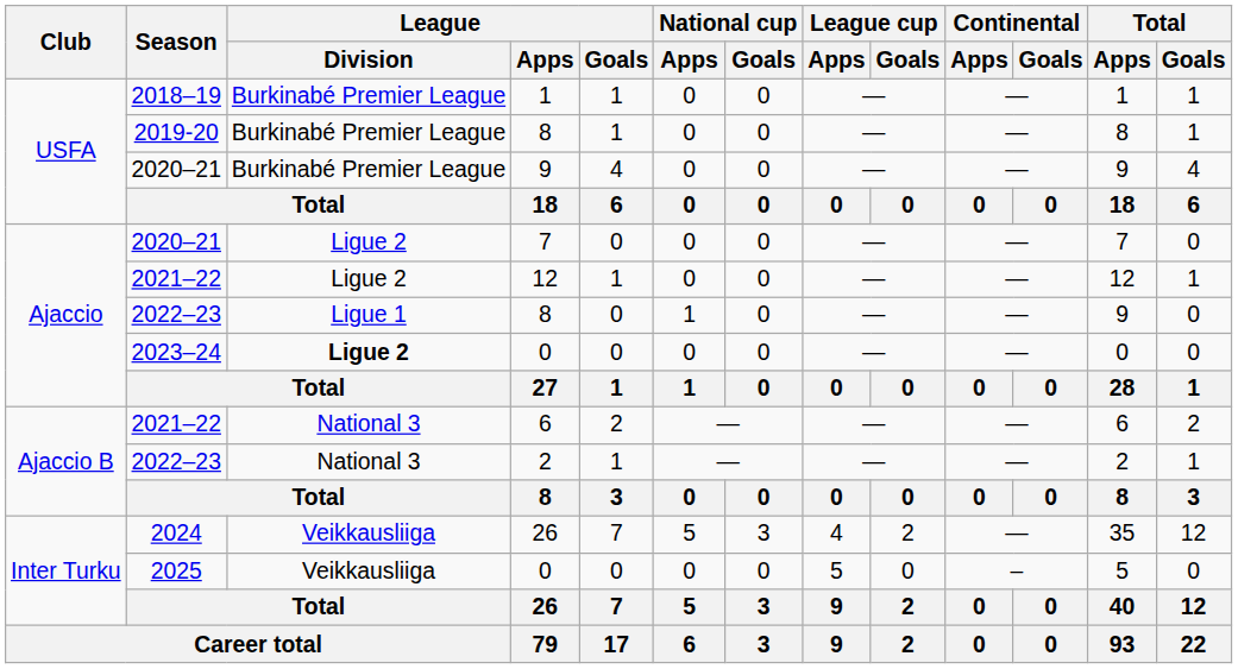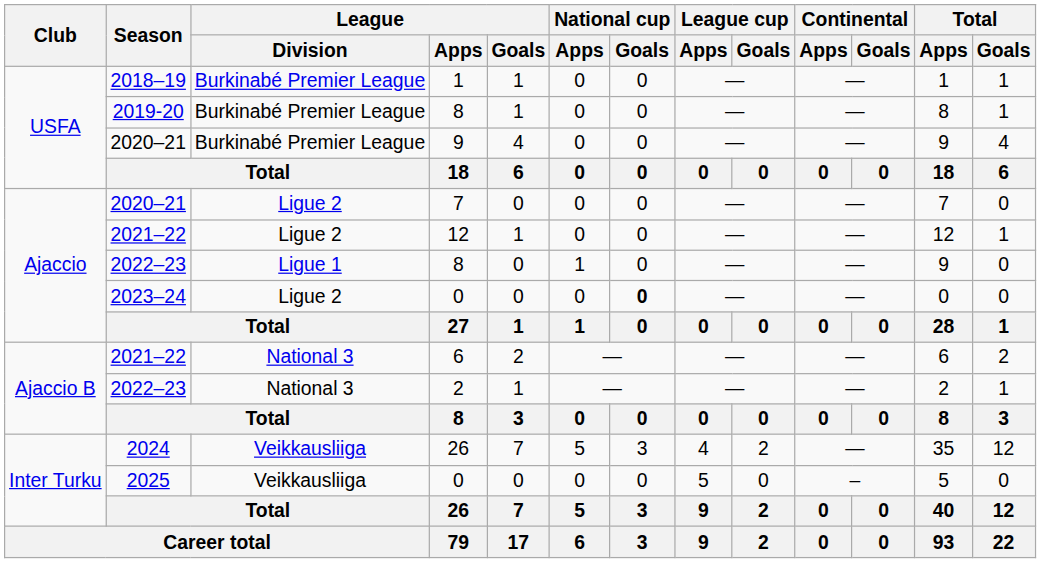 <table class="wikitable" style="text-align:center">
 <tr>
 <th rowspan="2">Club</th>
 <th rowspan="2">Season</th>
 <th colspan="3">League</th>
 <th colspan="2">National cup</th>
 <th colspan="2">League cup</th>
 <th colspan="2">Continental</th>
 <th colspan="2">Total</th>
 </tr>
 <tr>
 <th>Division</th>
 <th>Apps</th>
 <th>Goals</th>
 <th>Apps</th>
 <th>Goals</th>
 <th>Apps</th>
 <th>Goals</th>
 <th>Apps</th>
 <th>Goals</th>
 <th>Apps</th>
 <th>Goals</th>
 </tr>
 <tr>
 <td rowspan="4"><a href='#'>USFA</a></td>
 <td><a href='#'>2018–19</a></td>
 <td><a href='#'>Burkinabé Premier League</a></td>
 <td>1</td>
 <td>1</td>
 <td>0</td>
 <td>0</td>
 <td colspan="2">—</td>
 <td colspan="2">—</td>
 <td>1</td>
 <td>1</td>
 </tr>
 <tr>
 <td><a href='#'>2019-20</a></td>
 <td>Burkinabé Premier League</td>
 <td>8</td>
 <td>1</td>
 <td>0</td>
 <td>0</td>
 <td colspan="2">—</td>
 <td colspan="2">—</td>
 <td>8</td>
 <td>1</td>
 </tr>
 <tr>
 <td>2020–21</td>
 <td>Burkinabé Premier League</td>
 <td>9</td>
 <td>4</td>
 <td>0</td>
 <td>0</td>
 <td colspan="2">—</td>
 <td colspan="2">—</td>
 <td>9</td>
 <td>4</td>
 </tr>
 <tr>
 <th colspan="2">Total</th>
 <th>18</th>
 <th>6</th>
 <th>0</th>
 <th>0</th>
 <th>0</th>
 <th>0</th>
 <th>0</th>
 <th>0</th>
 <th>18</th>
 <th>6</th>
 </tr>
 <tr>
 <td rowspan="5"><a href='#'>Ajaccio</a></td>
 <td><a href='#'>2020–21</a></td>
 <td><a href='#'>Ligue 2</a></td>
 <td>7</td>
 <td>0</td>
 <td>0</td>
 <td>0</td>
 <td colspan="2">—</td>
 <td colspan="2">—</td>
 <td>7</td>
 <td>0</td>
 </tr>
 <tr>
 <td><a href='#'>2021–22</a></td>
 <td>Ligue 2</td>
 <td>12</td>
 <td>1</td>
 <td>0</td>
 <td>0</td>
 <td colspan="2">—</td>
 <td colspan="2">—</td>
 <td>12</td>
 <td>1</td>
 </tr>
 <tr>
 <td><a href='#'>2022–23</a></td>
 <td><a href='#'>Ligue 1</a></td>
 <td>8</td>
 <td>0</td>
 <td>1</td>
 <td>0</td>
 <td colspan="2">—</td>
 <td colspan="2">—</td>
 <td>9</td>
 <td>0</td>
 </tr>
 <tr>
 <td><a href='#'>2023–24</a></td>
-<td><strong>Ligue 2</strong></td>
+<td>Ligue 2</td>
 <td>0</td>
 <td>0</td>
 <td>0</td>
-<td>0</td>
+<td><strong>0</strong></td>
 <td colspan="2">—</td>
 <td colspan="2">—</td>
 <td>0</td>
 <td>0</td>
 </tr>
 <tr>
 <th colspan="2">Total</th>
 <th>27</th>
 <th>1</th>
 <th>1</th>
 <th>0</th>
 <th>0</th>
 <th>0</th>
 <th>0</th>
 <th>0</th>
 <th>28</th>
 <th>1</th>
 </tr>
 <tr>
 <td rowspan="3"><a href='#'>Ajaccio B</a></td>
 <td><a href='#'>2021–22</a></td>
 <td><a href='#'>National 3</a></td>
 <td>6</td>
 <td>2</td>
 <td colspan="2">—</td>
 <td colspan="2">—</td>
 <td colspan="2">—</td>
 <td>6</td>
 <td>2</td>
 </tr>
 <tr>
 <td><a href='#'>2022–23</a></td>
 <td>National 3</td>
 <td>2</td>
 <td>1</td>
 <td colspan="2">—</td>
 <td colspan="2">—</td>
 <td colspan="2">—</td>
 <td>2</td>
 <td>1</td>
 </tr>
 <tr>
 <th colspan="2">Total</th>
 <th>8</th>
 <th>3</th>
 <th>0</th>
 <th>0</th>
 <th>0</th>
 <th>0</th>
 <th>0</th>
 <th>0</th>
 <th>8</th>
 <th>3</th>
 </tr>
 <tr>
 <td rowspan=3><a href='#'>Inter Turku</a></td>
 <td><a href='#'>2024</a></td>
 <td><a href='#'>Veikkausliiga</a></td>
 <td>26</td>
 <td>7</td>
 <td>5</td>
 <td>3</td>
 <td>4</td>
 <td>2</td>
 <td colspan="2">—</td>
 <td>35</td>
 <td>12</td>
 </tr>
 <tr>
 <td><a href='#'>2025</a></td>
 <td>Veikkausliiga</td>
 <td>0</td>
 <td>0</td>
 <td>0</td>
 <td>0</td>
 <td>5</td>
 <td>0</td>
 <td colspan=2>–</td>
 <td>5</td>
 <td>0</td>
 </tr>
 <tr>
 <th colspan=2>Total</th>
 <th>26</th>
 <th>7</th>
 <th>5</th>
 <th>3</th>
 <th>9</th>
 <th>2</th>
 <th>0</th>
 <th>0</th>
 <th>40</th>
 <th>12</th>
 </tr>
 <tr>
 <th colspan="3">Career total</th>
 <th>79</th>
 <th>17</th>
 <th>6</th>
 <th>3</th>
 <th>9</th>
 <th>2</th>
 <th>0</th>
 <th>0</th>
 <th>93</th>
 <th>22</th>
 </tr>
 </table>
